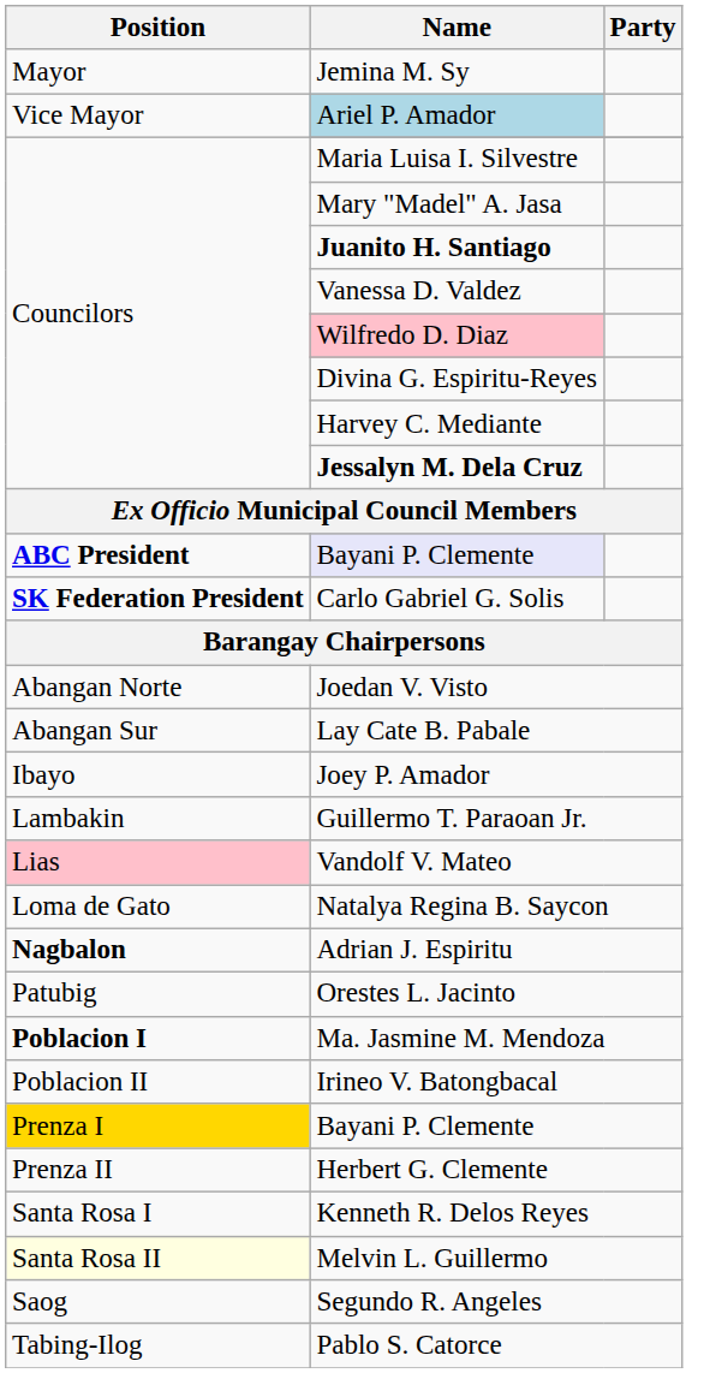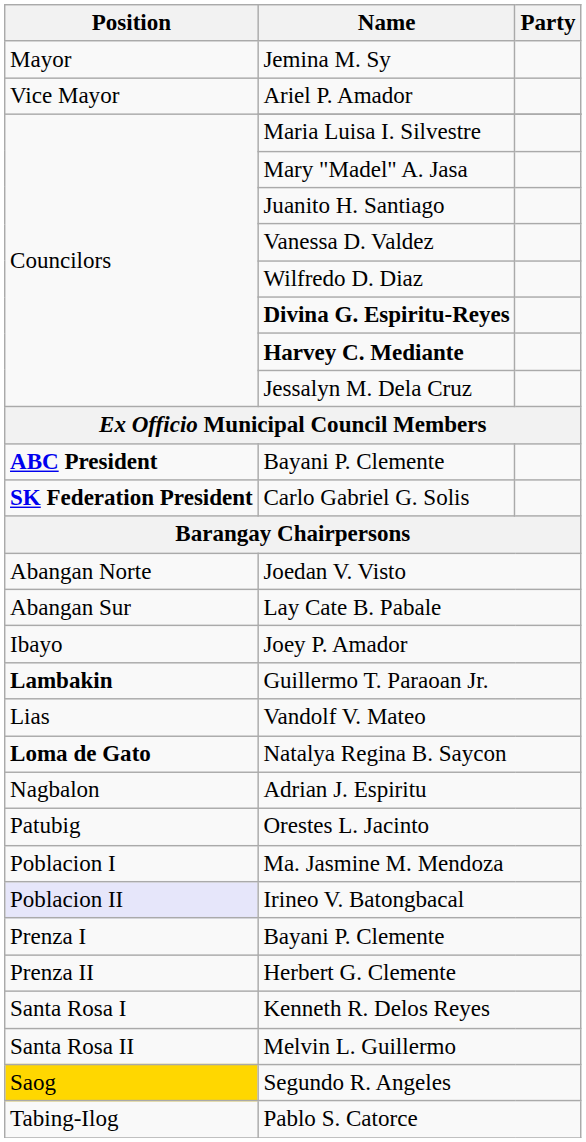 <table class=wikitable>
 <tr>
 <th>Position</th>
 <th>Name</th>
 <th colspan=2>Party</th>
 </tr>
 <tr>
 <td>Mayor</td>
 <td>Jemina M. Sy</td>
 <td></td>
 </tr>
 <tr>
 <td>Vice Mayor</td>
-<td style="background: lightblue;">Ariel P. Amador</td>
+<td>Ariel P. Amador</td>
 <td></td>
 </tr>
 <tr>
 <td rowspan=9>Councilors</td>
 </tr>
 <tr>
 <td>Maria Luisa I. Silvestre</td>
 <td></td>
 </tr>
 <tr>
 <td>Mary "Madel" A. Jasa</td>
 <td></td>
 </tr>
 <tr>
-<td><strong>Juanito H. Santiago</strong></td>
+<td>Juanito H. Santiago</td>
 <td></td>
 </tr>
 <tr>
 <td>Vanessa D. Valdez</td>
 <td></td>
 </tr>
 <tr>
-<td style="background: pink;">Wilfredo D. Diaz</td>
+<td>Wilfredo D. Diaz</td>
 <td></td>
 </tr>
 <tr>
-<td>Divina G. Espiritu-Reyes</td>
+<td><strong>Divina G. Espiritu-Reyes</strong></td>
 <td></td>
 </tr>
 <tr>
-<td>Harvey C. Mediante</td>
+<td><strong>Harvey C. Mediante</strong></td>
 <td></td>
 </tr>
 <tr>
-<td><strong>Jessalyn M. Dela Cruz</strong></td>
+<td>Jessalyn M. Dela Cruz</td>
 <td></td>
 </tr>
 <tr>
 <th colspan=4><em>Ex Officio</em> Municipal Council Members</th>
 </tr>
 <tr>
 <td><strong><a href='#'>ABC</a> President</strong></td>
-<td style="background: lavender;">Bayani P. Clemente</td>
+<td>Bayani P. Clemente</td>
 <td></td>
 </tr>
 <tr>
 <td><strong><a href='#'>SK</a> Federation President</strong></td>
 <td>Carlo Gabriel G. Solis</td>
 <td></td>
 </tr>
 <tr>
 <th colspan=4>Barangay Chairpersons</th>
 </tr>
 <tr>
 <td>Abangan Norte</td>
 <td colspan="3">Joedan V. Visto</td>
 </tr>
 <tr>
 <td>Abangan Sur</td>
 <td colspan="3">Lay Cate B. Pabale</td>
 </tr>
 <tr>
 <td>Ibayo</td>
 <td colspan="3">Joey P. Amador</td>
 </tr>
 <tr>
-<td>Lambakin</td>
+<td><strong>Lambakin</strong></td>
 <td colspan="3">Guillermo T. Paraoan Jr.</td>
 </tr>
 <tr>
-<td style="background: pink;">Lias</td>
+<td>Lias</td>
 <td colspan="3">Vandolf V. Mateo</td>
 </tr>
 <tr>
-<td>Loma de Gato</td>
+<td><strong>Loma de Gato</strong></td>
 <td colspan="3">Natalya Regina B. Saycon</td>
 </tr>
 <tr>
-<td><strong>Nagbalon</strong></td>
+<td>Nagbalon</td>
 <td colspan="3">Adrian J. Espiritu</td>
 </tr>
 <tr>
 <td>Patubig</td>
 <td colspan="3">Orestes L. Jacinto</td>
 </tr>
 <tr>
-<td><strong>Poblacion I</strong></td>
+<td>Poblacion I</td>
 <td colspan="3">Ma. Jasmine M. Mendoza</td>
 </tr>
 <tr>
-<td>Poblacion II</td>
+<td style="background: lavender;">Poblacion II</td>
 <td colspan="3">Irineo V. Batongbacal</td>
 </tr>
 <tr>
-<td style="background: gold;">Prenza I</td>
+<td>Prenza I</td>
 <td colspan="3">Bayani P. Clemente</td>
 </tr>
 <tr>
 <td>Prenza II</td>
 <td colspan="3">Herbert G. Clemente</td>
 </tr>
 <tr>
 <td>Santa Rosa I</td>
 <td colspan="3">Kenneth R. Delos Reyes</td>
 </tr>
 <tr>
-<td style="background: lightyellow;">Santa Rosa II</td>
+<td>Santa Rosa II</td>
 <td colspan="3">Melvin L. Guillermo</td>
 </tr>
 <tr>
-<td>Saog</td>
+<td style="background: gold;">Saog</td>
 <td colspan="3">Segundo R. Angeles</td>
 </tr>
 <tr>
 <td>Tabing-Ilog</td>
 <td colspan="3">Pablo S. Catorce</td>
 </tr>
 </table>
